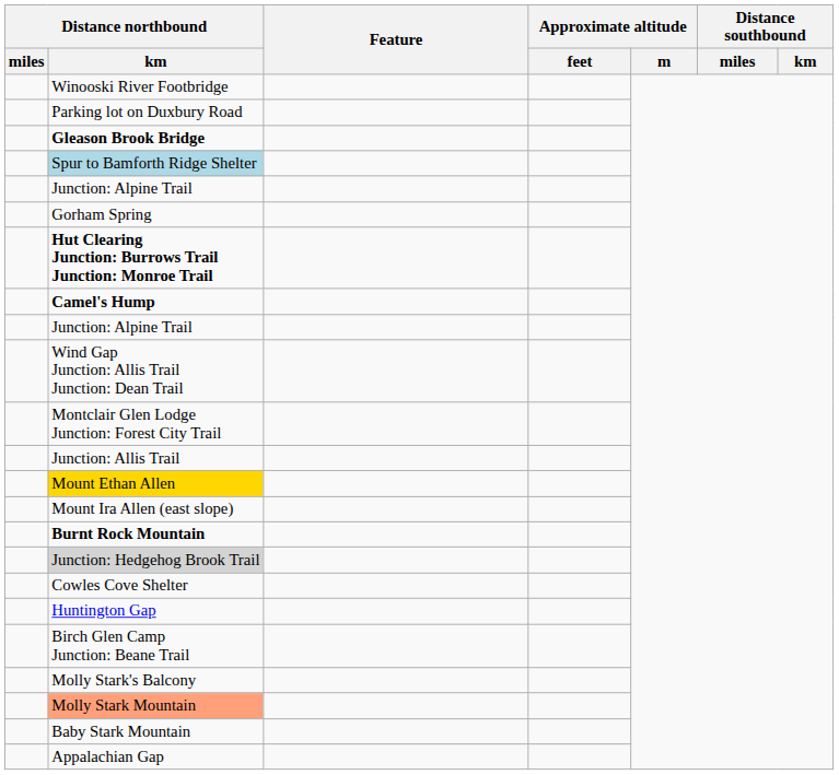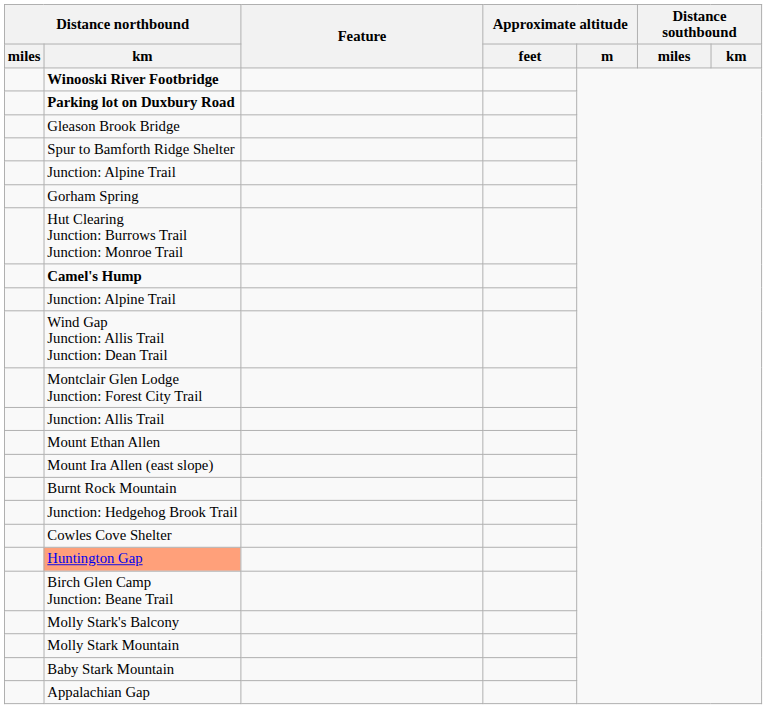 <table class="wikitable">
 <tr>
 <th scope="col" style="width: 8em;" colspan=2>Distance northbound</th>
 <th scope="col" style="width: 16em;" rowspan=2>Feature</th>
 <th scope="col" style="width: 10em;" colspan=2>Approximate altitude</th>
 <th scope="col" style="width: 8em;" colspan=2>Distance southbound</th>
 </tr>
 <tr>
 <th>miles</th>
 <th>km</th>
 <th>feet</th>
 <th>m</th>
 <th>miles</th>
 <th>km</th>
 </tr>
 <tr>
 <td></td>
-<td scope="row">Winooski River Footbridge</td>
+<td scope="row"><strong>Winooski River Footbridge</strong></td>
 <td></td>
 <td></td>
 </tr>
 <tr>
 <td></td>
-<td scope="row">Parking lot on Duxbury Road</td>
+<td scope="row"><strong>Parking lot on Duxbury Road</strong></td>
 <td></td>
 <td></td>
 </tr>
 <tr>
 <td></td>
-<td scope="row"><strong>Gleason Brook Bridge</strong></td>
+<td scope="row">Gleason Brook Bridge</td>
 <td></td>
 <td></td>
 </tr>
 <tr>
 <td></td>
-<td scope="row" style="background: lightblue;">Spur to Bamforth Ridge Shelter</td>
+<td scope="row">Spur to Bamforth Ridge Shelter</td>
 <td></td>
 <td></td>
 </tr>
 <tr>
 <td></td>
 <td scope="row">Junction: Alpine Trail</td>
 <td></td>
 <td></td>
 </tr>
 <tr>
 <td></td>
 <td scope="row">Gorham Spring</td>
 <td></td>
 <td></td>
 </tr>
 <tr>
 <td></td>
-<td scope="row"><strong>Hut Clearing<br>Junction: Burrows Trail<br>Junction: Monroe Trail</strong></td>
+<td scope="row">Hut Clearing<br>Junction: Burrows Trail<br>Junction: Monroe Trail</td>
 <td></td>
 <td></td>
 </tr>
 <tr>
 <td></td>
 <td scope="row"><strong>Camel's Hump</strong></td>
 <td></td>
 <td></td>
 </tr>
 <tr>
 <td></td>
 <td scope="row">Junction: Alpine Trail</td>
 <td></td>
 <td></td>
 </tr>
 <tr>
 <td></td>
 <td scope="row">Wind Gap<br>Junction: Allis Trail<br>Junction: Dean Trail</td>
 <td></td>
 <td></td>
 </tr>
 <tr>
 <td></td>
 <td scope="row">Montclair Glen Lodge<br>Junction: Forest City Trail</td>
 <td></td>
 <td></td>
 </tr>
 <tr>
 <td></td>
 <td scope="row">Junction: Allis Trail</td>
 <td></td>
 <td></td>
 </tr>
 <tr>
 <td></td>
-<td scope="row" style="background: gold;">Mount Ethan Allen</td>
+<td scope="row">Mount Ethan Allen</td>
 <td></td>
 <td></td>
 </tr>
 <tr>
 <td></td>
 <td scope="row">Mount Ira Allen (east slope)</td>
 <td></td>
 <td></td>
 </tr>
 <tr>
 <td></td>
-<td scope="row"><strong>Burnt Rock Mountain</strong></td>
+<td scope="row">Burnt Rock Mountain</td>
 <td></td>
 <td></td>
 </tr>
 <tr>
 <td></td>
-<td scope="row" style="background: lightgrey;">Junction: Hedgehog Brook Trail</td>
+<td scope="row">Junction: Hedgehog Brook Trail</td>
 <td></td>
 <td></td>
 </tr>
 <tr>
 <td></td>
 <td scope="row">Cowles Cove Shelter</td>
 <td></td>
 <td></td>
 </tr>
 <tr>
 <td></td>
-<td scope="row"><a href='#'>Huntington Gap</a></td>
+<td scope="row" style="background: lightsalmon;"><a href='#'>Huntington Gap</a></td>
 <td></td>
 <td></td>
 </tr>
 <tr>
 <td></td>
 <td scope="row">Birch Glen Camp<br>Junction: Beane Trail</td>
 <td></td>
 <td></td>
 </tr>
 <tr>
 <td></td>
 <td scope="row">Molly Stark's Balcony</td>
 <td></td>
 <td></td>
 </tr>
 <tr>
 <td></td>
-<td scope="row" style="background: lightsalmon;">Molly Stark Mountain</td>
+<td scope="row">Molly Stark Mountain</td>
 <td></td>
 <td></td>
 </tr>
 <tr>
 <td></td>
 <td scope="row">Baby Stark Mountain</td>
 <td></td>
 <td></td>
 </tr>
 <tr>
 <td></td>
 <td scope="row">Appalachian Gap</td>
 <td></td>
 <td></td>
 </tr>
 </table>
